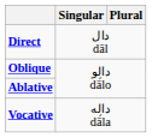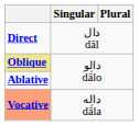 <table class="wikitable">
 <tr>
 <th></th>
 <th>Singular</th>
 <th>Plural</th>
 </tr>
 <tr>
 <td><strong><a href='#'>Direct</a></strong></td>
 <td colspan="2" style="text-align:center;">دال<br>dāl</td>
 </tr>
 <tr>
-<td><strong><a href='#'>Oblique</a></strong></td>
+<td style="background: khaki;"><strong><a href='#'>Oblique</a></strong></td>
 <td colspan="2" rowspan="2" style="text-align:center;">دالو<br>dā́lo</td>
 </tr>
 <tr>
 <td><strong><a href='#'>Ablative</a></strong></td>
 </tr>
 <tr>
-<td><strong><a href='#'>Vocative</a></strong></td>
+<td style="background: lightsalmon;"><strong><a href='#'>Vocative</a></strong></td>
 <td colspan="2" style="text-align:center;">داله<br>dā́la</td>
 </tr>
 </table>
